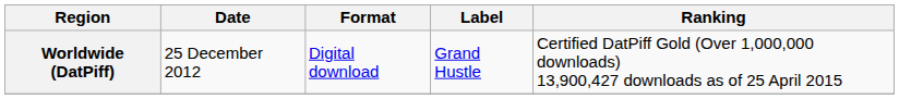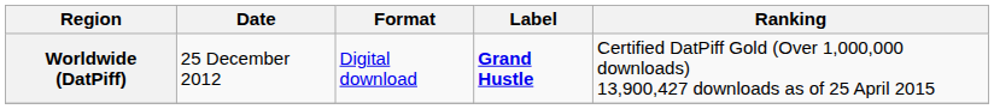 <table class="wikitable plainrowheaders">
 <tr>
 <th scope="col">Region</th>
 <th scope="col">Date</th>
 <th scope="col">Format</th>
 <th scope="col">Label</th>
 <th scope="col">Ranking</th>
 </tr>
 <tr>
 <th scope="row">Worldwide (DatPiff)</th>
 <td>25 December 2012</td>
 <td><a href='#'>Digital download</a></td>
-<td><a href='#'>Grand Hustle</a></td>
+<td><strong><a href='#'>Grand Hustle</a></strong></td>
 <td>Certified DatPiff Gold (Over 1,000,000 downloads)<br>13,900,427 downloads as of 25 April 2015</td>
 </tr>
 <tr>
 </tr>
 </table>
